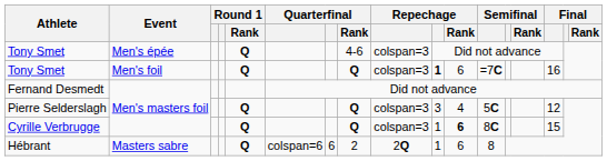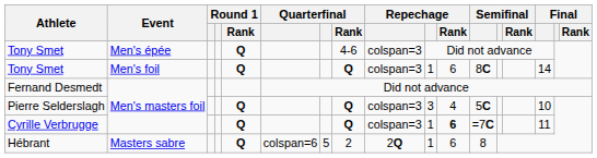 <table class="wikitable" style="font-size:90%">
 <tr>
 <th rowspan="2">Athlete</th>
 <th rowspan="2">Event</th>
 <th colspan="3">Round 1</th>
 <th colspan="3">Quarterfinal</th>
 <th colspan="3">Repechage</th>
 <th colspan="3">Semifinal</th>
 <th colspan="3">Final</th>
 </tr>
 <tr style="font-size:95%">
 <th></th>
 <th></th>
 <th>Rank</th>
 <th></th>
 <th></th>
 <th>Rank</th>
 <th></th>
 <th></th>
 <th>Rank</th>
 <th></th>
 <th></th>
 <th>Rank</th>
 <th></th>
 <th></th>
 <th>Rank</th>
 </tr>
 <tr align=center>
 <td align=left><a href='#'>Tony Smet</a></td>
 <td align=left><a href='#'>Men's épée</a></td>
 <td></td>
 <td></td>
 <td><strong>Q</strong></td>
 <td></td>
 <td></td>
 <td>4-6</td>
 <td>colspan=3 </td>
 <td colspan=6>Did not advance</td>
 </tr>
 <tr align=center>
 <td align=left><a href='#'>Tony Smet</a></td>
 <td align=left><a href='#'>Men's foil</a></td>
 <td></td>
 <td></td>
 <td><strong>Q</strong></td>
 <td></td>
 <td></td>
 <td><strong>Q</strong></td>
 <td>colspan=3 </td>
-<td><strong>1</strong></td>
+<td>1</td>
 <td>6</td>
-<td>=7<strong>C</strong></td>
+<td>8<strong>C</strong></td>
 <td></td>
 <td></td>
-<td>16</td>
+<td>14</td>
 </tr>
 <tr align=center>
 <td align=left>Fernand Desmedt</td>
 <td align=left rowspan=3><a href='#'>Men's masters foil</a></td>
 <td></td>
 <td></td>
 <td></td>
 <td colspan=12>Did not advance</td>
 </tr>
 <tr align=center>
 <td align=left>Pierre Selderslagh</td>
 <td></td>
 <td></td>
 <td><strong>Q</strong></td>
 <td></td>
 <td></td>
 <td><strong>Q</strong></td>
 <td>colspan=3 </td>
 <td>3</td>
 <td>4</td>
 <td>5<strong>C</strong></td>
 <td></td>
 <td></td>
-<td>12</td>
+<td>10</td>
 </tr>
 <tr align=center>
 <td align=left><a href='#'>Cyrille Verbrugge</a></td>
 <td></td>
 <td></td>
 <td><strong>Q</strong></td>
 <td></td>
 <td></td>
 <td><strong>Q</strong></td>
 <td>colspan=3 </td>
 <td>1</td>
 <td><strong>6</strong></td>
-<td>8<strong>C</strong></td>
+<td>=7<strong>C</strong></td>
 <td></td>
 <td></td>
-<td>15</td>
+<td>11</td>
 </tr>
 <tr align=center>
 <td align=left>Hébrant</td>
 <td align=left><a href='#'>Masters sabre</a></td>
 <td></td>
 <td></td>
 <td><strong>Q</strong></td>
 <td>colspan=6 </td>
-<td>6</td>
+<td>5</td>
 <td>2</td>
 <td>2<strong>Q</strong></td>
 <td>1</td>
 <td>6</td>
 <td>8</td>
 </tr>
 </table>
